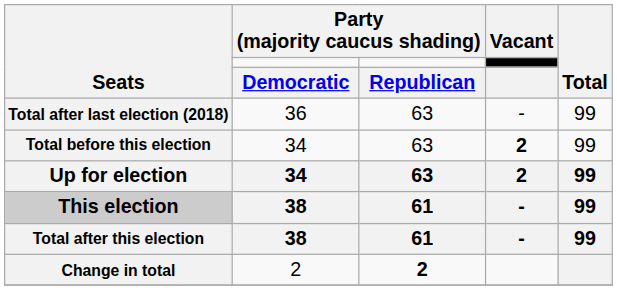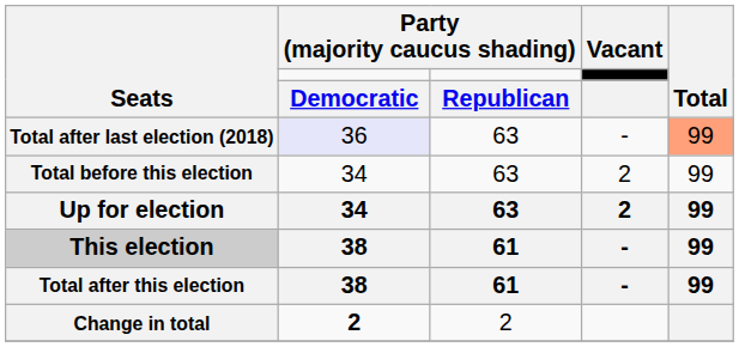 <table class=wikitable style="text-align:center">
 <tr style="vertical-align:bottom;">
 <th rowspan=3>Seats</th>
 <th colspan=2>Party <div>(majority caucus shading)</div></th>
 <th>Vacant</th>
 <th rowspan=3>Total</th>
 </tr>
 <tr style="height:5px">
 <td style="background-color:"></td>
 <td style="background-color:"></td>
 <td style="background-color:black"></td>
 </tr>
 <tr>
 <th><a href='#'>Democratic</a></th>
 <th><a href='#'>Republican</a></th>
 <th></th>
 </tr>
 <tr>
 <th nowrap style="font-size:80%">Total after last election (2018)</th>
-<td>36</td>
+<td style="background: lavender;">36</td>
 <td>63</td>
 <td>-</td>
-<td>99</td>
+<td style="background: lightsalmon;">99</td>
 </tr>
 <tr>
 <th nowrap style="font-size:80%">Total before this election</th>
 <td>34</td>
 <td>63</td>
-<td><strong>2</strong></td>
+<td>2</td>
 <td>99</td>
 </tr>
 <tr>
 <th>Up for election</th>
 <th>34</th>
 <th>63</th>
 <th>2</th>
 <th>99</th>
 </tr>
 <tr>
 <th style="background:#ccc">This election</th>
 <th>38</th>
 <th>61</th>
 <th>-</th>
 <th>99</th>
 </tr>
 <tr>
 <th nowrap style="font-size:80%">Total after this election</th>
 <th>38</th>
 <th>61</th>
 <th>-</th>
 <th>99</th>
 </tr>
 <tr>
 <th nowrap style="font-size:80%">Change in total</th>
+<td><strong> 2</strong></td>
 <td> 2</td>
-<td><strong> 2</strong></td>
 <td></td>
 <th></th>
 </tr>
 <tr>
 </tr>
 </table>
